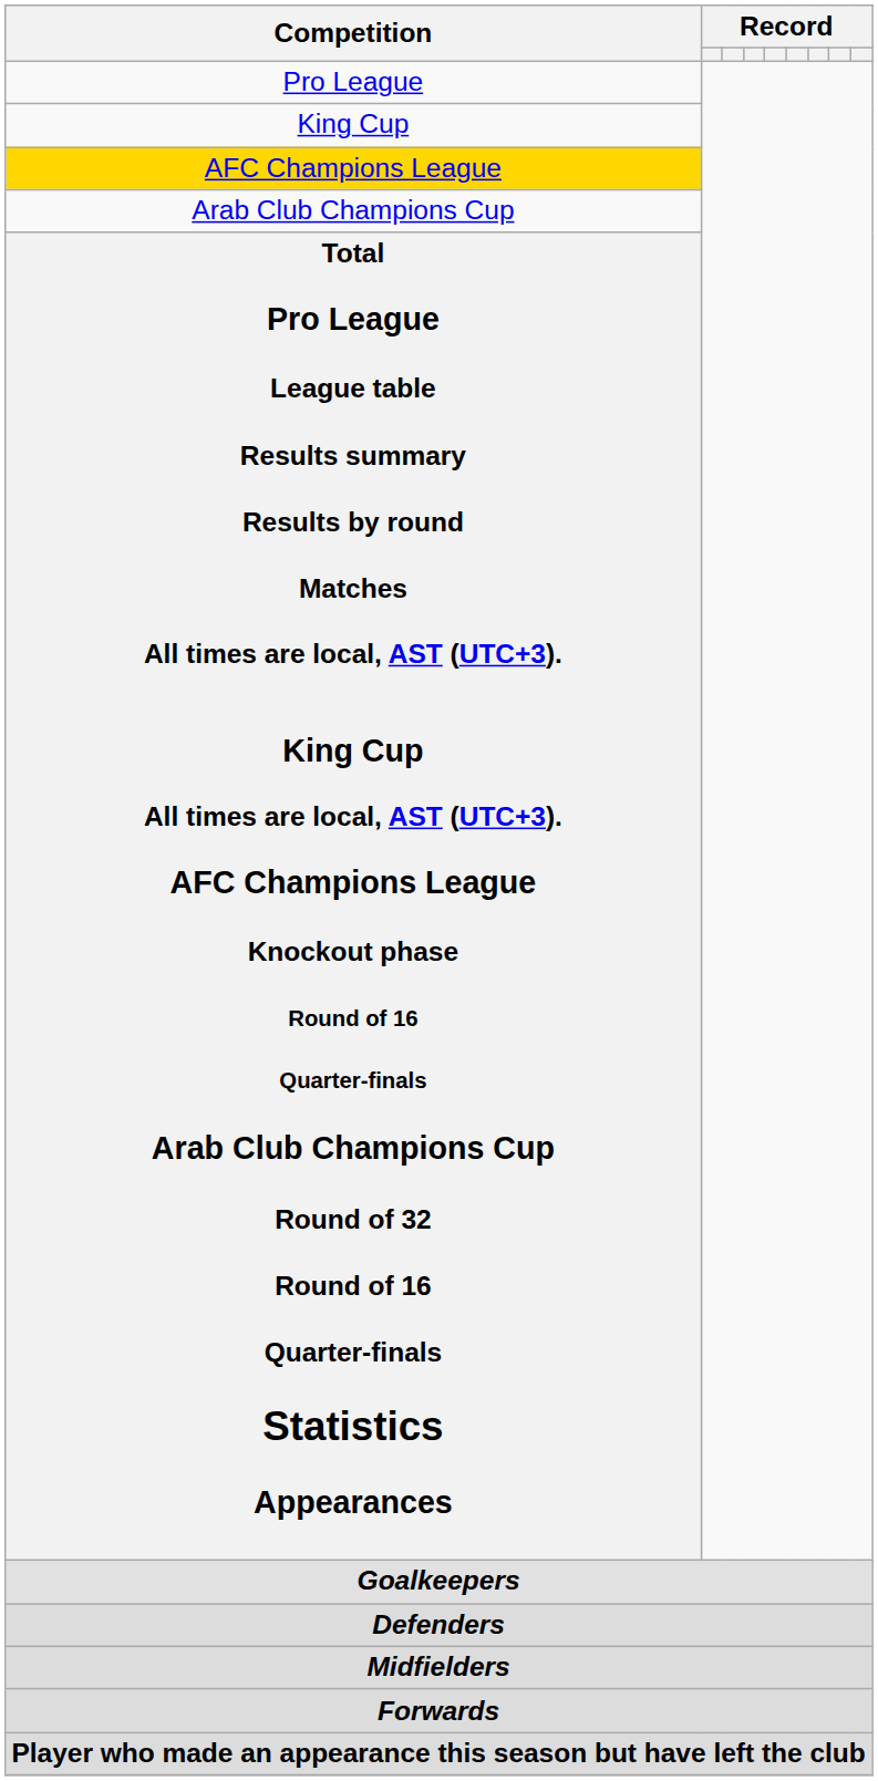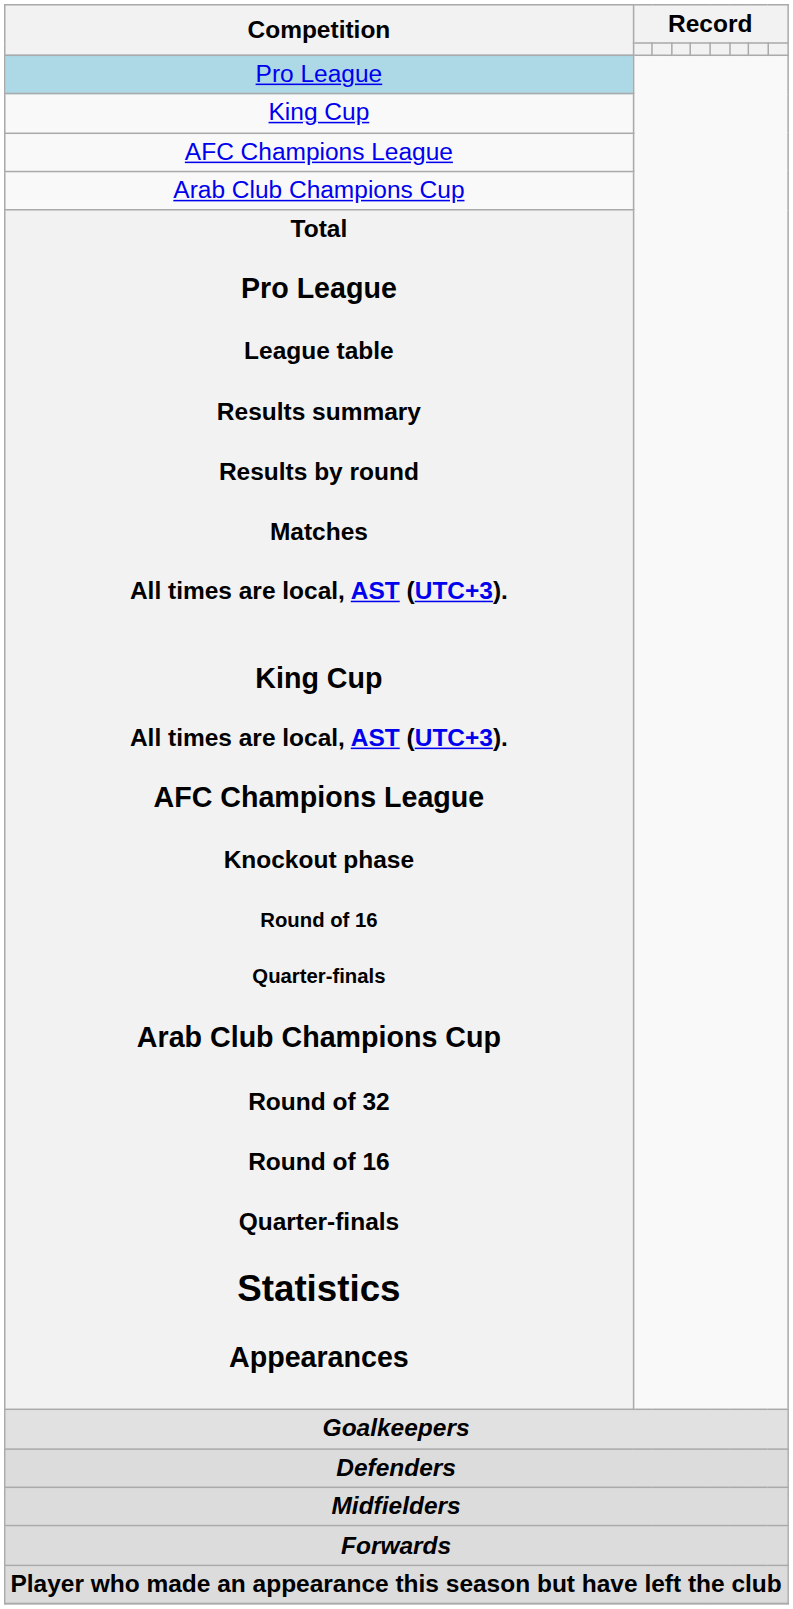 <table class="wikitable" style="text-align: center">
 <tr>
 <th rowspan=2>Competition</th>
 <th colspan=8>Record</th>
 </tr>
 <tr>
 <th></th>
 <th></th>
 <th></th>
 <th></th>
 <th></th>
 <th></th>
 <th></th>
 <th></th>
 </tr>
 <tr>
-<td><a href='#'>Pro League</a><br></td>
+<td style="background: lightblue;"><a href='#'>Pro League</a><br></td>
 </tr>
 <tr>
 <td><a href='#'>King Cup</a><br></td>
 </tr>
 <tr>
-<td style="background: gold;"><a href='#'>AFC Champions League</a><br></td>
+<td><a href='#'>AFC Champions League</a><br></td>
 </tr>
 <tr>
 <td><a href='#'>Arab Club Champions Cup</a><br></td>
 </tr>
 <tr>
 <th>Total<br> <h3>Pro League</h3><h4>League table</h4><h4>Results summary</h4> <h4>Results by round</h4><h4>Matches</h4>All times are local, <a href='#'>AST</a> (<a href='#'>UTC+3</a>).<br>   <br>                              <h3>King Cup</h3> All times are local, <a href='#'>AST</a> (<a href='#'>UTC+3</a>).<br>  <h3>AFC Champions League</h3><h4>Knockout phase</h4><h5>Round of 16</h5> <h5>Quarter-finals</h5> <h3>Arab Club Champions Cup</h3><h4>Round of 32</h4> <h4>Round of 16</h4> <h4>Quarter-finals</h4> <h2>Statistics</h2><h3>Appearances</h3></th>
 </tr>
 <tr>
 <th colspan=18 style=background:#dcdcdcdc; text-align:center><em>Goalkeepers</em><br>    </th>
 </tr>
 <tr>
 <th colspan=16 style=background:#dcdcdc; text-align:center><em>Defenders</em><br>          </th>
 </tr>
 <tr>
 <th colspan=16 style=background:#dcdcdc; text-align:center><em>Midfielders</em><br>            </th>
 </tr>
 <tr>
 <th colspan=16 style=background:#dcdcdc; text-align:center><em>Forwards</em><br>    </th>
 </tr>
 <tr>
 <th colspan=18 style=background:#dcdcdc; text-align:center>Player who made an appearance this season but have left the club<br>      </th>
 </tr>
 <tr>
 </tr>
 </table>
